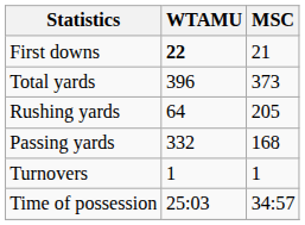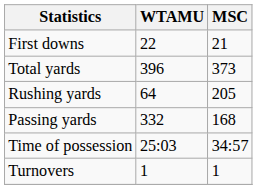 <table class="wikitable" style="float: left;">
 <tr>
 <th>Statistics</th>
 <th>WTAMU</th>
 <th>MSC</th>
 </tr>
 <tr>
 <td>First downs</td>
-<td><strong>22</strong></td>
+<td>22</td>
 <td>21</td>
 </tr>
 <tr>
 <td>Total yards</td>
 <td>396</td>
 <td>373</td>
 </tr>
 <tr>
 <td>Rushing yards</td>
 <td>64</td>
 <td>205</td>
 </tr>
 <tr>
 <td>Passing yards</td>
 <td>332</td>
 <td>168</td>
 </tr>
 <tr>
+<td>Time of possession</td>
+<td>25:03</td>
+<td>34:57</td>
+</tr>
+<tr>
 <td>Turnovers</td>
 <td>1</td>
 <td>1</td>
 </tr>
 <tr>
-<td>Time of possession</td>
-<td>25:03</td>
-<td>34:57</td>
-</tr>
-<tr>
 </tr>
 </table>
